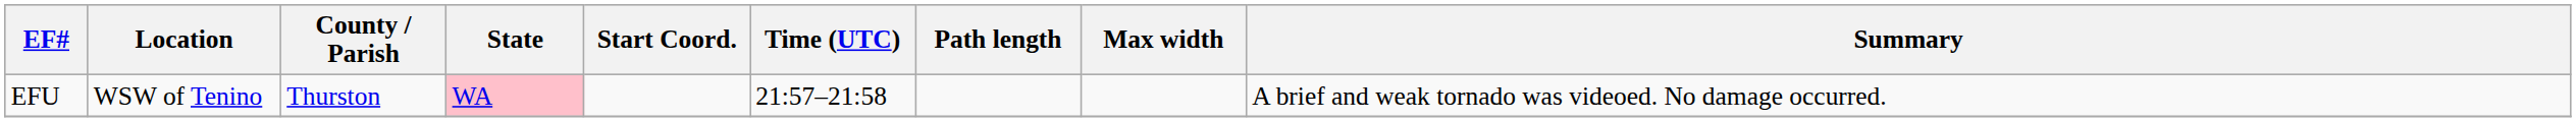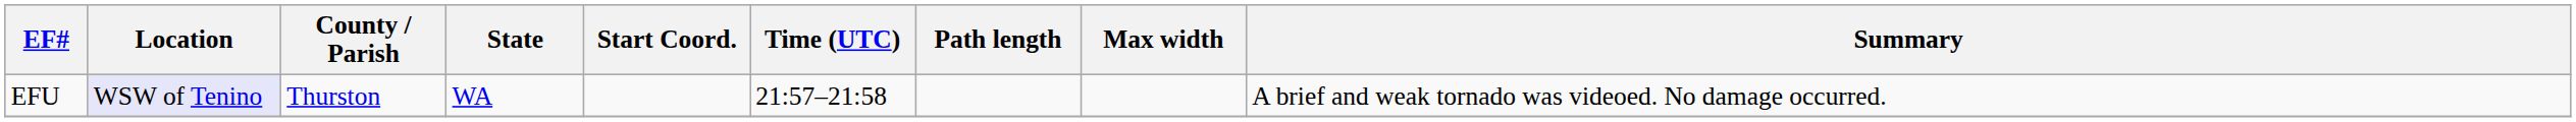 <table class="wikitable sortable" style="width:100%;">
 <tr>
 <th scope="col"  style="width:3%; text-align:center;"><a href='#'>EF#</a></th>
 <th scope="col"  style="width:7%; text-align:center;" class="unsortable">Location</th>
 <th scope="col"  style="width:6%; text-align:center;" class="unsortable">County / Parish</th>
 <th scope="col"  style="width:5%; text-align:center;">State</th>
 <th scope="col"  style="width:6%; text-align:center;">Start Coord.</th>
 <th scope="col"  style="width:6%; text-align:center;">Time (<a href='#'>UTC</a>)</th>
 <th scope="col"  style="width:6%; text-align:center;">Path length</th>
 <th scope="col"  style="width:6%; text-align:center;">Max width</th>
 <th scope="col" class="unsortable" style="width:48%; text-align:center;">Summary</th>
 </tr>
 <tr>
 <td bgcolor=>EFU</td>
-<td>WSW of <a href='#'>Tenino</a></td>
+<td style="background: lavender;">WSW of <a href='#'>Tenino</a></td>
 <td><a href='#'>Thurston</a></td>
-<td style="background: pink;"><a href='#'>WA</a></td>
+<td><a href='#'>WA</a></td>
 <td></td>
 <td>21:57–21:58</td>
 <td></td>
 <td></td>
 <td>A brief and weak tornado was videoed. No damage occurred.</td>
 </tr>
 <tr>
 </tr>
 </table>
